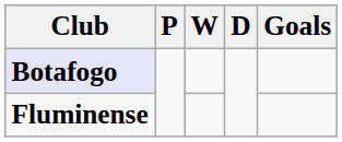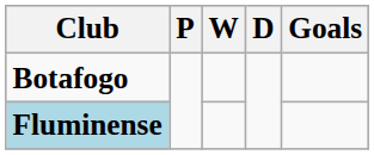 <table class="wikitable">
 <tr>
 <th>Club</th>
 <th>P</th>
 <th>W</th>
 <th>D</th>
 <th>Goals</th>
 </tr>
 <tr>
-<td style="background: lavender;"><strong>Botafogo</strong></td>
+<td><strong>Botafogo</strong></td>
 <td rowspan="2"></td>
 <td></td>
 <td rowspan="2"></td>
 <td></td>
 </tr>
 <tr>
-<td><strong>Fluminense</strong></td>
+<td style="background: lightblue;"><strong>Fluminense</strong></td>
 <td></td>
 <td></td>
 </tr>
 </table>
